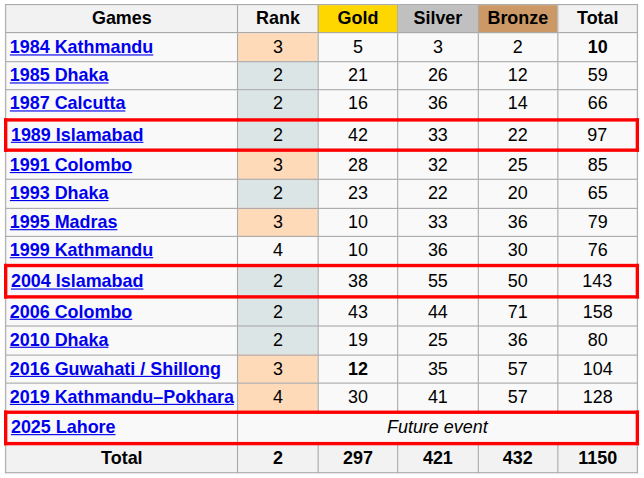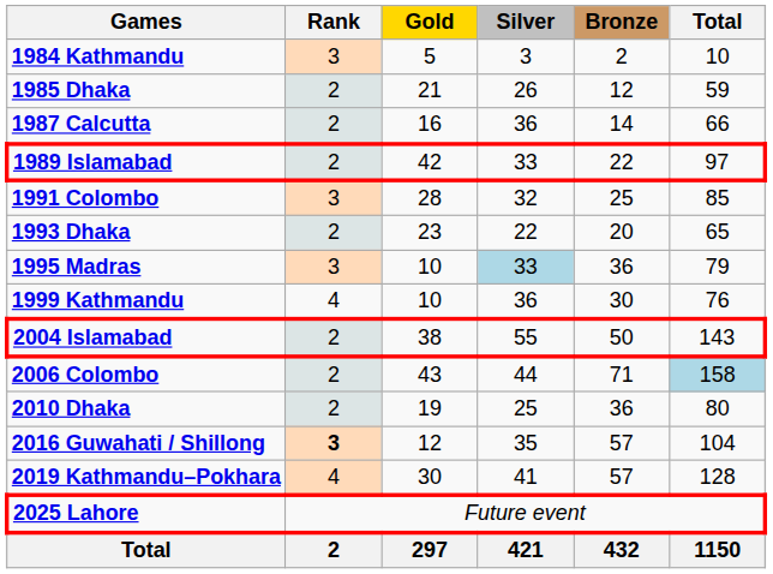 <table class="wikitable sortable" style="margin-top:0; text-align:center;">
 <tr>
 <th>Games</th>
 <th style="width:4em;">Rank</th>
 <td style="background:gold; width:4em;"><strong>Gold</strong></td>
 <td style="background:silver; width:4em;"><strong>Silver</strong></td>
 <td style="background:#c96; width:4em;"><strong>Bronze</strong></td>
 <th style="width:4em;">Total</th>
 </tr>
 <tr>
 <td style="text-align:left;"> <strong><a href='#'>1984 Kathmandu</a></strong></td>
 <td bgcolor="ffdab9">3</td>
 <td>5</td>
 <td>3</td>
 <td>2</td>
-<td><strong>10</strong></td>
+<td>10</td>
 </tr>
 <tr>
 <td style="text-align:left;"> <strong><a href='#'>1985 Dhaka</a></strong></td>
 <td bgcolor="DCE5E5">2</td>
 <td>21</td>
 <td>26</td>
 <td>12</td>
 <td>59</td>
 </tr>
 <tr>
 <td style="text-align:left;"> <strong><a href='#'>1987 Calcutta</a></strong></td>
 <td bgcolor="DCE5E5">2</td>
 <td>16</td>
 <td>36</td>
 <td>14</td>
 <td>66</td>
 </tr>
 <tr style="border: 3px solid red">
 <td style="text-align:left;"> <strong><a href='#'>1989 Islamabad</a></strong></td>
 <td bgcolor="DCE5E5">2</td>
 <td>42</td>
 <td>33</td>
 <td>22</td>
 <td>97</td>
 </tr>
 <tr>
 <td style="text-align:left;"> <strong><a href='#'>1991 Colombo</a></strong></td>
 <td bgcolor="ffdab9">3</td>
 <td>28</td>
 <td>32</td>
 <td>25</td>
 <td>85</td>
 </tr>
 <tr>
 <td style="text-align:left;"> <strong><a href='#'>1993 Dhaka</a></strong></td>
 <td bgcolor="DCE5E5">2</td>
 <td>23</td>
 <td>22</td>
 <td>20</td>
 <td>65</td>
 </tr>
 <tr>
 <td style="text-align:left;"> <strong><a href='#'>1995 Madras</a></strong></td>
 <td bgcolor="ffdab9">3</td>
 <td>10</td>
-<td>33</td>
+<td style="background: lightblue;">33</td>
 <td>36</td>
 <td>79</td>
 </tr>
 <tr>
 <td style="text-align:left;"> <strong><a href='#'>1999 Kathmandu</a></strong></td>
 <td>4</td>
 <td>10</td>
 <td>36</td>
 <td>30</td>
 <td>76</td>
 </tr>
 <tr style="border: 3px solid red">
 <td style="text-align:left;"> <strong><a href='#'>2004 Islamabad</a></strong></td>
 <td bgcolor="DCE5E5">2</td>
 <td>38</td>
 <td>55</td>
 <td>50</td>
 <td>143</td>
 </tr>
 <tr>
 <td style="text-align:left;"> <strong><a href='#'>2006 Colombo</a></strong></td>
 <td bgcolor="DCE5E5">2</td>
 <td>43</td>
 <td>44</td>
 <td>71</td>
-<td>158</td>
+<td style="background: lightblue;">158</td>
 </tr>
 <tr>
 <td style="text-align:left;"> <strong><a href='#'>2010 Dhaka</a></strong></td>
 <td bgcolor="DCE5E5">2</td>
 <td>19</td>
 <td>25</td>
 <td>36</td>
 <td>80</td>
 </tr>
 <tr>
 <td style="text-align:left;"> <strong><a href='#'>2016 Guwahati / Shillong</a></strong></td>
-<td bgcolor="ffdab9">3</td>
-<td><strong>12</strong></td>
+<td bgcolor="ffdab9"><strong>3</strong></td>
+<td>12</td>
 <td>35</td>
 <td>57</td>
 <td>104</td>
 </tr>
 <tr>
 <td style="text-align:left;"> <strong><a href='#'>2019 Kathmandu–Pokhara</a></strong></td>
 <td bgcolor="ffdab9">4</td>
 <td>30</td>
 <td>41</td>
 <td>57</td>
 <td>128</td>
 </tr>
 <tr style="border: 3px solid red">
 <td style="text-align:left;"> <strong><a href='#'>2025 Lahore</a></strong></td>
 <td colspan="6"><em>Future event</em></td>
 </tr>
 <tr>
 <th>Total</th>
 <th>2</th>
 <th>297</th>
 <th>421</th>
 <th>432</th>
 <th>1150</th>
 </tr>
 </table>
